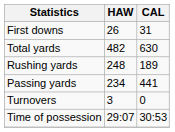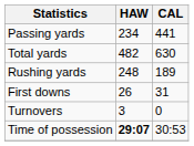 <table class="wikitable">
 <tr>
 <th>Statistics</th>
 <th>HAW</th>
 <th>CAL</th>
 </tr>
 <tr>
-<td>First downs</td>
-<td>26</td>
-<td>31</td>
+<td>Passing yards</td>
+<td>234</td>
+<td>441</td>
 </tr>
 <tr>
 <td>Total yards</td>
 <td>482</td>
 <td>630</td>
 </tr>
 <tr>
 <td>Rushing yards</td>
 <td>248</td>
 <td>189</td>
 </tr>
 <tr>
-<td>Passing yards</td>
-<td>234</td>
-<td>441</td>
+<td>First downs</td>
+<td>26</td>
+<td>31</td>
 </tr>
 <tr>
 <td>Turnovers</td>
 <td>3</td>
 <td>0</td>
 </tr>
 <tr>
 <td>Time of possession</td>
-<td>29:07</td>
+<td><strong>29:07</strong></td>
 <td>30:53</td>
 </tr>
 <tr>
 </tr>
 </table>
